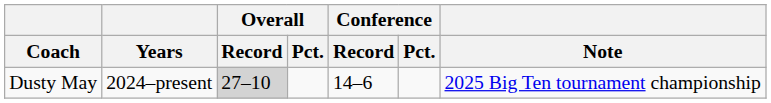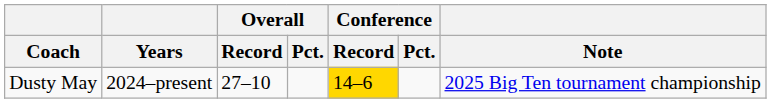 <table class="wikitable">
 <tr>
 <th></th>
 <th></th>
 <th colspan="2">Overall</th>
 <th colspan="2">Conference</th>
 <th></th>
 </tr>
 <tr>
 <th>Coach</th>
 <th>Years</th>
 <th>Record</th>
 <th>Pct.</th>
 <th>Record</th>
 <th>Pct.</th>
 <th>Note</th>
 </tr>
 <tr>
 <td>Dusty May</td>
 <td>2024–present</td>
-<td style="background: lightgrey;">27–10</td>
+<td>27–10</td>
 <td></td>
-<td>14–6</td>
+<td style="background: gold;">14–6</td>
 <td></td>
 <td><a href='#'>2025 Big Ten tournament</a> championship</td>
 </tr>
 </table>
